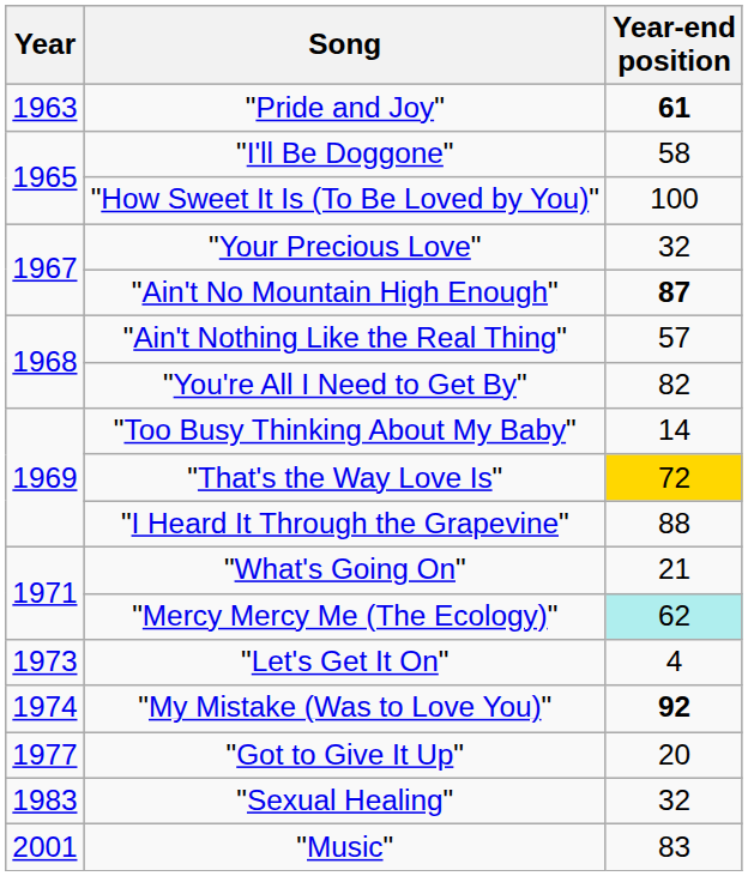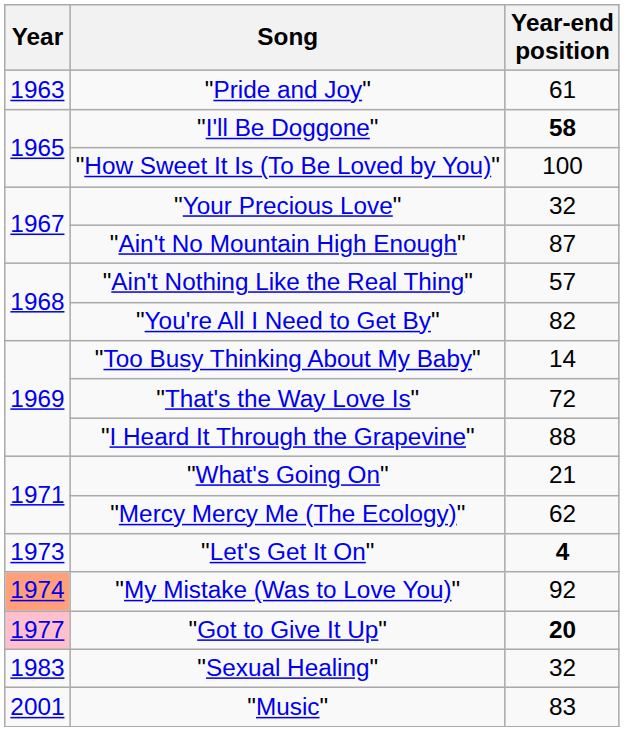 <table class="wikitable plainrowheaders" style="text-align:center;" border="1">
 <tr>
 <th>Year</th>
 <th>Song</th>
 <th>Year-end<br>position</th>
 </tr>
 <tr>
 <td scope="row"><a href='#'>1963</a></td>
 <td>"<a href='#'>Pride and Joy</a>"</td>
-<td><strong>61</strong></td>
+<td>61</td>
 </tr>
 <tr>
 <td scope="row" rowspan="2"><a href='#'>1965</a></td>
 <td>"<a href='#'>I'll Be Doggone</a>"</td>
-<td>58</td>
+<td><strong>58</strong></td>
 </tr>
 <tr>
 <td>"<a href='#'>How Sweet It Is (To Be Loved by You)</a>"</td>
 <td>100</td>
 </tr>
 <tr>
 <td scope="row" rowspan="2"><a href='#'>1967</a></td>
 <td>"<a href='#'>Your Precious Love</a>"</td>
 <td>32</td>
 </tr>
 <tr>
 <td>"<a href='#'>Ain't No Mountain High Enough</a>"</td>
-<td><strong>87</strong></td>
+<td>87</td>
 </tr>
 <tr>
 <td scope="row" rowspan="2"><a href='#'>1968</a></td>
 <td>"<a href='#'>Ain't Nothing Like the Real Thing</a>"</td>
 <td>57</td>
 </tr>
 <tr>
 <td>"<a href='#'>You're All I Need to Get By</a>"</td>
 <td>82</td>
 </tr>
 <tr>
 <td scope="row" rowspan="3"><a href='#'>1969</a></td>
 <td>"<a href='#'>Too Busy Thinking About My Baby</a>"</td>
 <td>14</td>
 </tr>
 <tr>
 <td>"<a href='#'>That's the Way Love Is</a>"</td>
-<td style="background: gold;">72</td>
+<td>72</td>
 </tr>
 <tr>
 <td>"<a href='#'>I Heard It Through the Grapevine</a>"</td>
 <td>88</td>
 </tr>
 <tr>
 <td scope="row" rowspan="2"><a href='#'>1971</a></td>
 <td>"<a href='#'>What's Going On</a>"</td>
 <td>21</td>
 </tr>
 <tr>
 <td>"<a href='#'>Mercy Mercy Me (The Ecology)</a>"</td>
-<td style="background: paleturquoise;">62</td>
+<td>62</td>
 </tr>
 <tr>
 <td scope="row"><a href='#'>1973</a></td>
 <td>"<a href='#'>Let's Get It On</a>"</td>
-<td>4</td>
+<td><strong>4</strong></td>
 </tr>
 <tr>
-<td scope="row"><a href='#'>1974</a></td>
+<td scope="row" style="background: lightsalmon;"><a href='#'>1974</a></td>
 <td>"<a href='#'>My Mistake (Was to Love You)</a>"</td>
-<td><strong>92</strong></td>
+<td>92</td>
 </tr>
 <tr>
-<td scope="row"><a href='#'>1977</a></td>
+<td scope="row" style="background: pink;"><a href='#'>1977</a></td>
 <td>"<a href='#'>Got to Give It Up</a>"</td>
-<td>20</td>
+<td><strong>20</strong></td>
 </tr>
 <tr>
 <td scope="row"><a href='#'>1983</a></td>
 <td>"<a href='#'>Sexual Healing</a>"</td>
 <td>32</td>
 </tr>
 <tr>
 <td scope="row"><a href='#'>2001</a></td>
 <td>"<a href='#'>Music</a>"</td>
 <td>83</td>
 </tr>
 </table>
